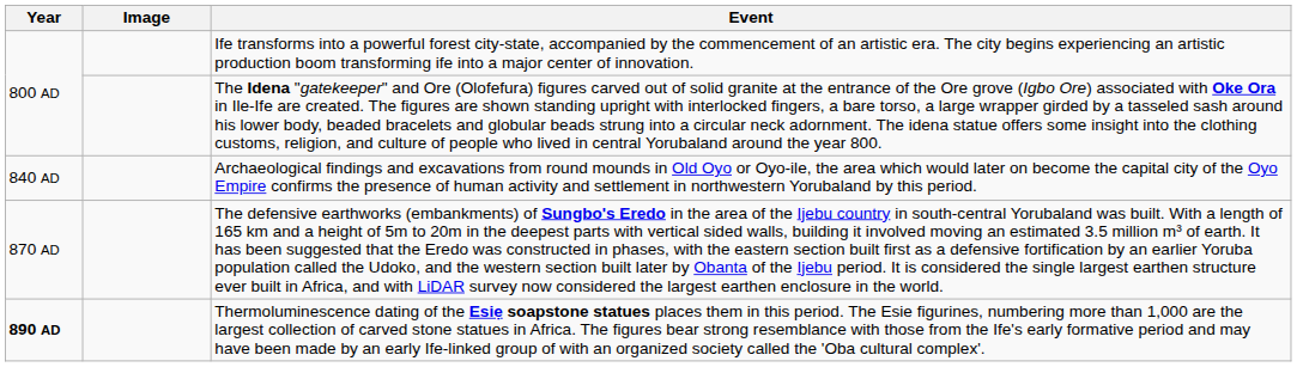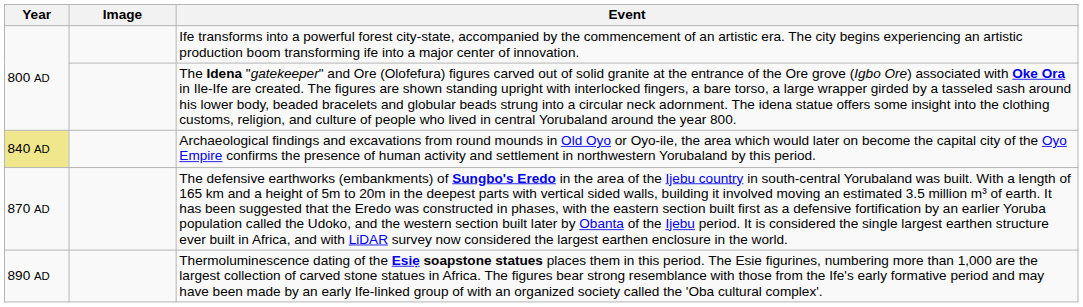 <table class="wikitable" width="100%">
 <tr>
 <th style="width:6%">Year</th>
 <th style="width:10%">Image</th>
 <th>Event</th>
 </tr>
 <tr>
 <td rowspan="2" valign="middle">800 <small>AD </small></td>
 <td></td>
 <td>Ife transforms into a powerful forest city-state, accompanied by the commencement of an artistic era. The city begins experiencing an artistic production boom transforming ife into a major center of innovation.</td>
 </tr>
 <tr>
 <td></td>
 <td>The <strong>Idena</strong> "<em>gatekeeper</em>" and Ore (Olofefura) figures carved out of solid granite at the entrance of the Ore grove (<em>Igbo Ore</em>) associated with <strong><a href='#'>Oke Ora</a></strong> in Ile-Ife are created. The figures are shown standing upright with interlocked fingers, a bare torso, a large wrapper girded by a tasseled sash around his lower body, beaded bracelets and globular beads strung into a circular neck adornment. The idena statue offers some insight into the clothing customs, religion, and culture of people who lived in central Yorubaland around the year 800.</td>
 </tr>
 <tr>
-<td>840 <small>AD</small></td>
+<td style="background: khaki;">840 <small>AD</small></td>
 <td></td>
 <td>Archaeological findings and excavations from round mounds in <a href='#'>Old Oyo</a> or Oyo-ile, the area which would later on become the capital city of the <a href='#'>Oyo Empire</a> confirms the presence of human activity and settlement in northwestern Yorubaland by this period.</td>
 </tr>
 <tr>
 <td>870 <small>AD</small></td>
 <td></td>
 <td>The defensive earthworks (embankments) of <strong><a href='#'>Sungbo's Eredo</a></strong> in the area of the <a href='#'>Ijebu country</a> in south-central Yorubaland was built. With a length of 165 km and a height of 5m to 20m in the deepest parts with vertical sided walls, building it involved moving an estimated 3.5 million m³ of earth. It has been suggested that the Eredo was constructed in phases, with the eastern section built first as a defensive fortification by an earlier Yoruba population called the Udoko, and the western section built later by <a href='#'>Obanta</a> of the <a href='#'>Ijebu</a> period. It is considered the single largest earthen structure ever built in Africa, and with <a href='#'>LiDAR</a> survey now considered the largest earthen enclosure in the world.</td>
 </tr>
 <tr>
-<td><strong>890 <small>AD</small></strong></td>
+<td>890 <small>AD</small></td>
 <td></td>
 <td>Thermoluminescence dating of the <strong><a href='#'>Esiẹ</a> soapstone statues</strong> places them in this period. The Esie figurines, numbering more than 1,000 are the largest collection of carved stone statues in Africa. The figures bear strong resemblance with those from the Ife's early formative period and may have been made by an early Ife-linked group of with an organized society called the 'Oba cultural complex'.</td>
 </tr>
 </table>
